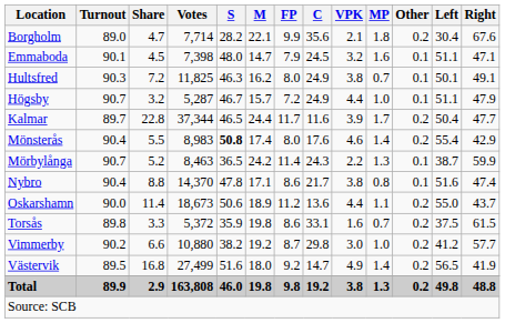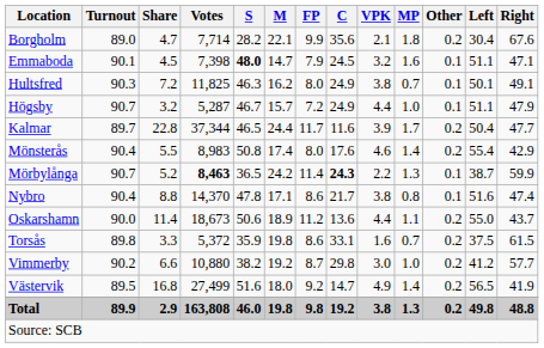 <table class="wikitable sortable" style=text-align:right>
 <tr>
 <th>Location</th>
 <th>Turnout</th>
 <th>Share</th>
 <th>Votes</th>
 <th><a href='#'>S</a></th>
 <th><a href='#'>M</a></th>
 <th><a href='#'>FP</a></th>
 <th><a href='#'>C</a></th>
 <th><a href='#'>VPK</a></th>
 <th><a href='#'>MP</a></th>
 <th>Other</th>
 <th>Left</th>
 <th>Right</th>
 </tr>
 <tr>
 <td align=left><a href='#'>Borgholm</a></td>
 <td>89.0</td>
 <td>4.7</td>
 <td>7,714</td>
 <td>28.2</td>
 <td>22.1</td>
 <td>9.9</td>
 <td>35.6</td>
 <td>2.1</td>
 <td>1.8</td>
 <td>0.2</td>
 <td>30.4</td>
 <td>67.6</td>
 </tr>
 <tr>
 <td align=left><a href='#'>Emmaboda</a></td>
 <td>90.1</td>
 <td>4.5</td>
 <td>7,398</td>
-<td>48.0</td>
+<td><strong>48.0</strong></td>
 <td>14.7</td>
 <td>7.9</td>
 <td>24.5</td>
 <td>3.2</td>
 <td>1.6</td>
 <td>0.1</td>
 <td>51.1</td>
 <td>47.1</td>
 </tr>
 <tr>
 <td align=left><a href='#'>Hultsfred</a></td>
 <td>90.3</td>
 <td>7.2</td>
 <td>11,825</td>
 <td>46.3</td>
 <td>16.2</td>
 <td>8.0</td>
 <td>24.9</td>
 <td>3.8</td>
 <td>0.7</td>
 <td>0.1</td>
 <td>50.1</td>
 <td>49.1</td>
 </tr>
 <tr>
 <td align=left><a href='#'>Högsby</a></td>
 <td>90.7</td>
 <td>3.2</td>
 <td>5,287</td>
 <td>46.7</td>
 <td>15.7</td>
 <td>7.2</td>
 <td>24.9</td>
 <td>4.4</td>
 <td>1.0</td>
 <td>0.1</td>
 <td>51.1</td>
 <td>47.9</td>
 </tr>
 <tr>
 <td align=left><a href='#'>Kalmar</a></td>
 <td>89.7</td>
 <td>22.8</td>
 <td>37,344</td>
 <td>46.5</td>
 <td>24.4</td>
 <td>11.7</td>
 <td>11.6</td>
 <td>3.9</td>
 <td>1.7</td>
 <td>0.2</td>
 <td>50.4</td>
 <td>47.7</td>
 </tr>
 <tr>
 <td align=left><a href='#'>Mönsterås</a></td>
 <td>90.4</td>
 <td>5.5</td>
 <td>8,983</td>
-<td><strong>50.8</strong></td>
+<td>50.8</td>
 <td>17.4</td>
 <td>8.0</td>
 <td>17.6</td>
 <td>4.6</td>
 <td>1.4</td>
 <td>0.2</td>
 <td>55.4</td>
 <td>42.9</td>
 </tr>
 <tr>
 <td align=left><a href='#'>Mörbylånga</a></td>
 <td>90.7</td>
 <td>5.2</td>
-<td>8,463</td>
+<td><strong>8,463</strong></td>
 <td>36.5</td>
 <td>24.2</td>
 <td>11.4</td>
-<td>24.3</td>
+<td><strong>24.3</strong></td>
 <td>2.2</td>
 <td>1.3</td>
 <td>0.1</td>
 <td>38.7</td>
 <td>59.9</td>
 </tr>
 <tr>
 <td align=left><a href='#'>Nybro</a></td>
 <td>90.4</td>
 <td>8.8</td>
 <td>14,370</td>
 <td>47.8</td>
 <td>17.1</td>
 <td>8.6</td>
 <td>21.7</td>
 <td>3.8</td>
 <td>0.8</td>
 <td>0.1</td>
 <td>51.6</td>
 <td>47.4</td>
 </tr>
 <tr>
 <td align=left><a href='#'>Oskarshamn</a></td>
 <td>90.0</td>
 <td>11.4</td>
 <td>18,673</td>
 <td>50.6</td>
 <td>18.9</td>
 <td>11.2</td>
 <td>13.6</td>
 <td>4.4</td>
 <td>1.1</td>
 <td>0.2</td>
 <td>55.0</td>
 <td>43.7</td>
 </tr>
 <tr>
 <td align=left><a href='#'>Torsås</a></td>
 <td>89.8</td>
 <td>3.3</td>
 <td>5,372</td>
 <td>35.9</td>
 <td>19.8</td>
 <td>8.6</td>
 <td>33.1</td>
 <td>1.6</td>
 <td>0.7</td>
 <td>0.2</td>
 <td>37.5</td>
 <td>61.5</td>
 </tr>
 <tr>
 <td align=left><a href='#'>Vimmerby</a></td>
 <td>90.2</td>
 <td>6.6</td>
 <td>10,880</td>
 <td>38.2</td>
 <td>19.2</td>
 <td>8.7</td>
 <td>29.8</td>
 <td>3.0</td>
 <td>1.0</td>
 <td>0.2</td>
 <td>41.2</td>
 <td>57.7</td>
 </tr>
 <tr>
 <td align=left><a href='#'>Västervik</a></td>
 <td>89.5</td>
 <td>16.8</td>
 <td>27,499</td>
 <td>51.6</td>
 <td>18.0</td>
 <td>9.2</td>
 <td>14.7</td>
 <td>4.9</td>
 <td>1.4</td>
 <td>0.2</td>
 <td>56.5</td>
 <td>41.9</td>
 </tr>
 <tr>
 </tr>
 <tr style="background:#CDCDCD;">
 <td align=left><strong>Total</strong></td>
 <td><strong>89.9</strong></td>
 <td><strong>2.9</strong></td>
 <td><strong>163,808</strong></td>
 <td><strong>46.0</strong></td>
 <td><strong>19.8</strong></td>
 <td><strong>9.8</strong></td>
 <td><strong>19.2</strong></td>
 <td><strong>3.8</strong></td>
 <td><strong>1.3</strong></td>
 <td><strong>0.2</strong></td>
 <td><strong>49.8</strong></td>
 <td><strong>48.8</strong></td>
 </tr>
 <tr>
 <td align=left colspan=13>Source: SCB </td>
 </tr>
 </table>
